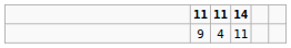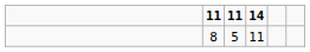 <table class="wikitable">
 <tr>
 <td style="width:15em"></td>
 <td align=center style="width:1em"><strong>11</strong></td>
 <td align=center style="width:1em"><strong>11</strong></td>
 <td align=center style="width:1em"><strong>14</strong></td>
 <td align=center style="width:1em"></td>
 <td align=center style="width:1em"></td>
 </tr>
 <tr>
 <td style="width:15em"></td>
-<td align=center style="width:1em">9</td>
-<td align=center style="width:1em">4</td>
+<td align=center style="width:1em">8</td>
+<td align=center style="width:1em">5</td>
 <td align=center style="width:1em">11</td>
 <td align=center style="width:1em"></td>
 <td align=center style="width:1em"></td>
 </tr>
 </table>
